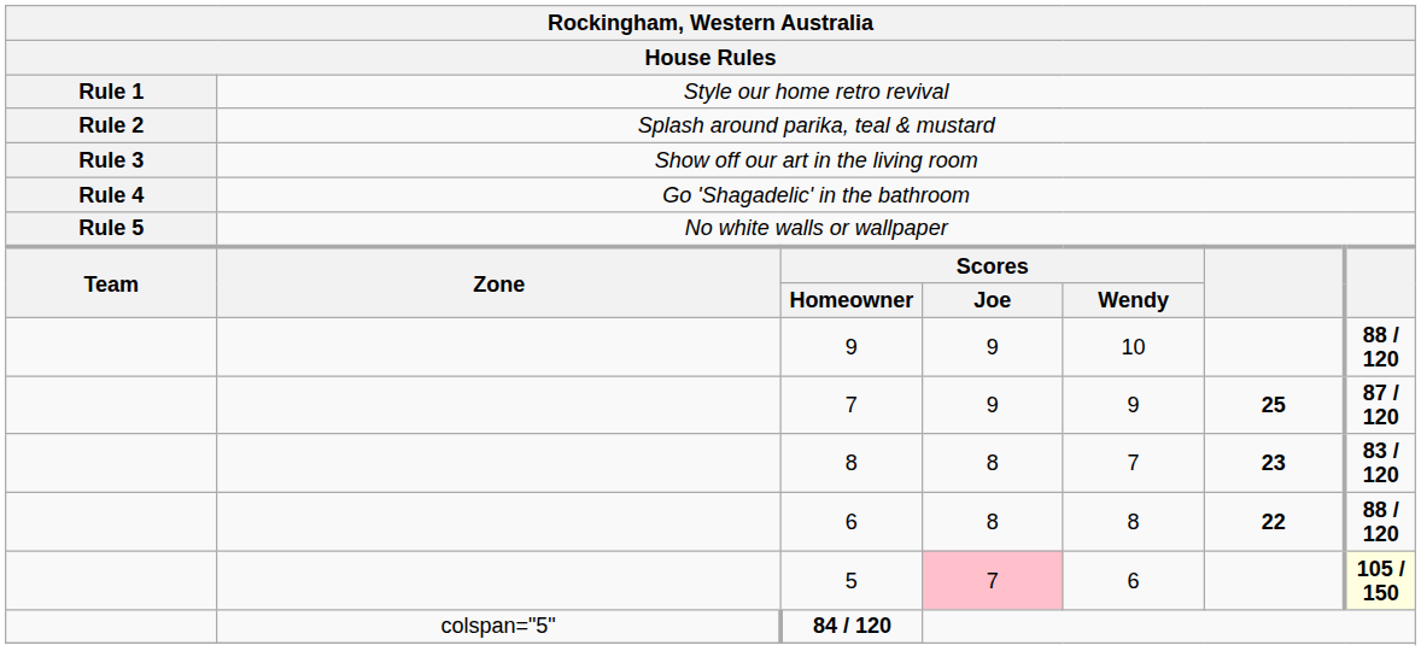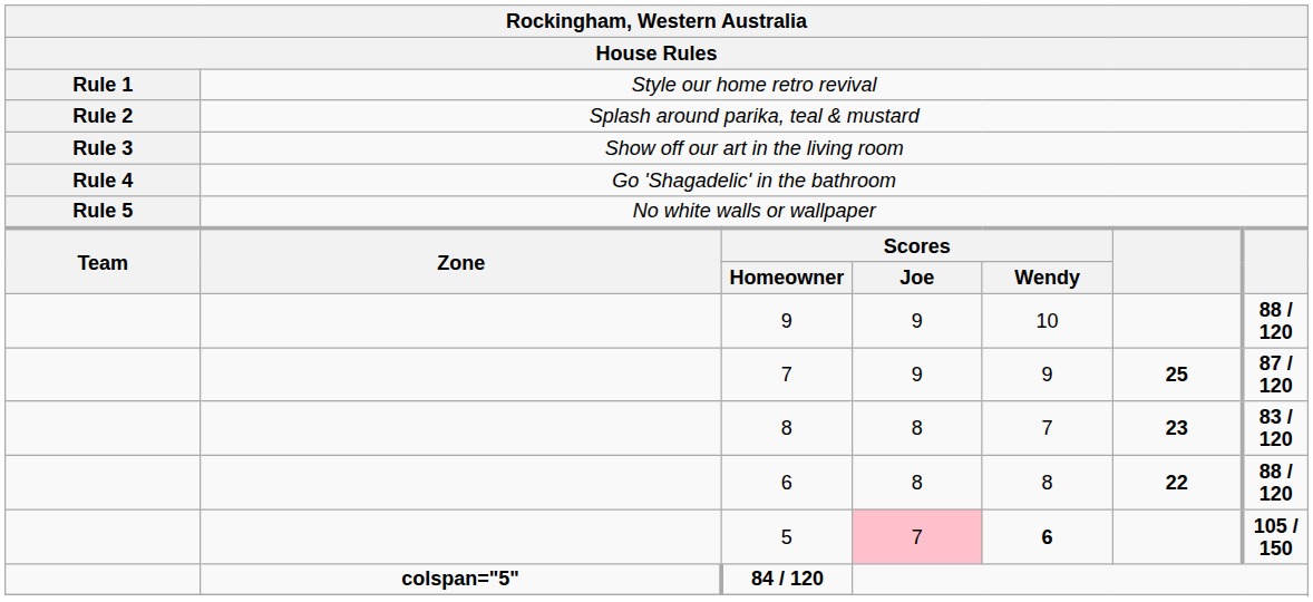 <table class="wikitable plainrowheaders" style="text-align:center; font-size:90%; width:65em;">
 <tr>
 <th colspan="7" >Rockingham, Western Australia</th>
 </tr>
 <tr>
 <th colspan="7">House Rules</th>
 </tr>
 <tr>
 <th>Rule 1</th>
 <td colspan="6"><em>Style our home retro revival</em></td>
 </tr>
 <tr>
 <th>Rule 2</th>
 <td colspan="6"><em>Splash around parika, teal & mustard</em></td>
 </tr>
 <tr>
 <th>Rule 3</th>
 <td colspan="6"><em>Show off our art in the living room</em></td>
 </tr>
 <tr>
 <th>Rule 4</th>
 <td colspan="6"><em>Go 'Shagadelic' in the bathroom</em></td>
 </tr>
 <tr>
 <th>Rule 5</th>
 <td colspan="6"><em>No white walls or wallpaper</em></td>
 </tr>
 <tr style="border-top:3px solid #aaa;">
 <th rowspan="2">Team</th>
 <th rowspan="2" style="width:40%;">Zone</th>
 <th colspan="3" style="width:40%;">Scores</th>
 <th rowspan="2" style="width:10%;"></th>
 <th rowspan="2" style="width:10%; border-left:3px solid #aaa;"></th>
 </tr>
 <tr>
 <th style="width:10%;">Homeowner</th>
 <th style="width:10%;">Joe</th>
 <th style="width:10%;">Wendy</th>
 </tr>
 <tr>
 <td style="width:15%;"></td>
 <td></td>
 <td>9</td>
 <td>9</td>
 <td>10</td>
 <td></td>
 <td style="border-left:3px solid #aaa;"><strong>88 / 120</strong></td>
 </tr>
 <tr>
 <td style="width:15%;"></td>
 <td></td>
 <td>7</td>
 <td>9</td>
 <td>9</td>
 <td><strong>25</strong></td>
 <td style="border-left:3px solid #aaa;"><strong>87 / 120</strong></td>
 </tr>
 <tr>
 <td style="width:15%;"></td>
 <td></td>
 <td>8</td>
 <td>8</td>
 <td>7</td>
 <td><strong>23</strong></td>
 <td style="border-left:3px solid #aaa;"><strong>83 / 120</strong></td>
 </tr>
 <tr>
 <td style="width:15%;"></td>
 <td></td>
 <td>6</td>
 <td>8</td>
 <td>8</td>
 <td><strong>22</strong></td>
 <td style="border-left:3px solid #aaa;"><strong>88 / 120</strong></td>
 </tr>
 <tr>
 <td style="width:15%;"></td>
 <td></td>
 <td>5</td>
 <td style="background: pink;">7</td>
-<td>6</td>
+<td><strong>6</strong></td>
 <td></td>
-<td style="background: lightyellow; border-left:3px solid #aaa;"><strong>105 / 150</strong></td>
+<td style="border-left:3px solid #aaa;"><strong>105 / 150</strong></td>
 </tr>
 <tr>
 <td style="width:15%;"></td>
-<td>colspan="5" </td>
+<td><strong>colspan="5" </strong></td>
 <td style="border-left:3px solid #aaa;"><strong>84 / 120</strong></td>
 </tr>
 <tr>
 </tr>
 </table>
